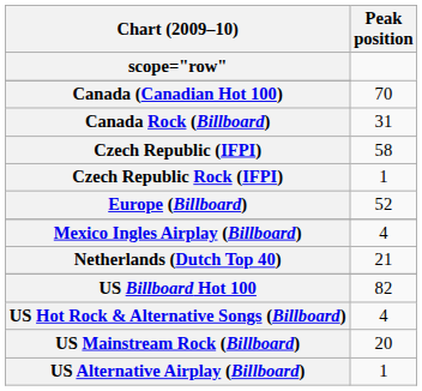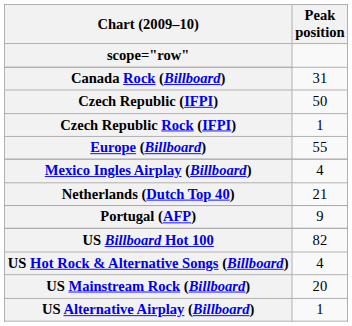 <table class="wikitable sortable plainrowheaders" style="text-align:center">
 <tr>
 <th scope="col">Chart (2009–10)</th>
 <th scope="col">Peak<br>position</th>
 </tr>
 <tr>
 <th>scope="row" </th>
 </tr>
 <tr>
 </tr>
 <tr>
 </tr>
 <tr>
-<th scope="row">Canada (<a href='#'>Canadian Hot 100</a>)</th>
-<td>70</td>
-</tr>
-<tr>
 <th scope="row">Canada <a href='#'>Rock</a> (<em><a href='#'>Billboard</a></em>)</th>
 <td>31</td>
 </tr>
 <tr>
 <th scope="row">Czech Republic (<a href='#'>IFPI</a>)</th>
-<td>58</td>
+<td>50</td>
 </tr>
 <tr>
 <th scope="row">Czech Republic <a href='#'>Rock</a> (<a href='#'>IFPI</a>)</th>
 <td>1</td>
 </tr>
 <tr>
 <th scope="row"><a href='#'>Europe</a> (<em><a href='#'>Billboard</a></em>)</th>
-<td>52</td>
+<td>55</td>
 </tr>
 <tr>
 </tr>
 <tr>
 <th scope="row"><a href='#'>Mexico Ingles Airplay</a> (<em><a href='#'>Billboard</a></em>)</th>
 <td>4</td>
 </tr>
 <tr>
 <th scope="row">Netherlands (<a href='#'>Dutch Top 40</a>)</th>
 <td>21</td>
 </tr>
 <tr>
+</tr>
+<tr>
+<th scope="row">Portugal (<a href='#'>AFP</a>)</th>
+<td>9</td>
 </tr>
 <tr>
 </tr>
 <tr>
 </tr>
 <tr>
 <th scope="row">US <a href='#'><em>Billboard</em> Hot 100</a></th>
 <td>82</td>
 </tr>
 <tr>
 <th scope="row">US <a href='#'>Hot Rock & Alternative Songs</a> (<em><a href='#'>Billboard</a></em>)</th>
 <td>4</td>
 </tr>
 <tr>
 <th scope="row">US <a href='#'>Mainstream Rock</a> (<em><a href='#'>Billboard</a></em>)</th>
 <td>20</td>
 </tr>
 <tr>
 <th scope="row">US <a href='#'>Alternative Airplay</a> (<em><a href='#'>Billboard</a></em>)</th>
 <td>1</td>
 </tr>
 </table>
